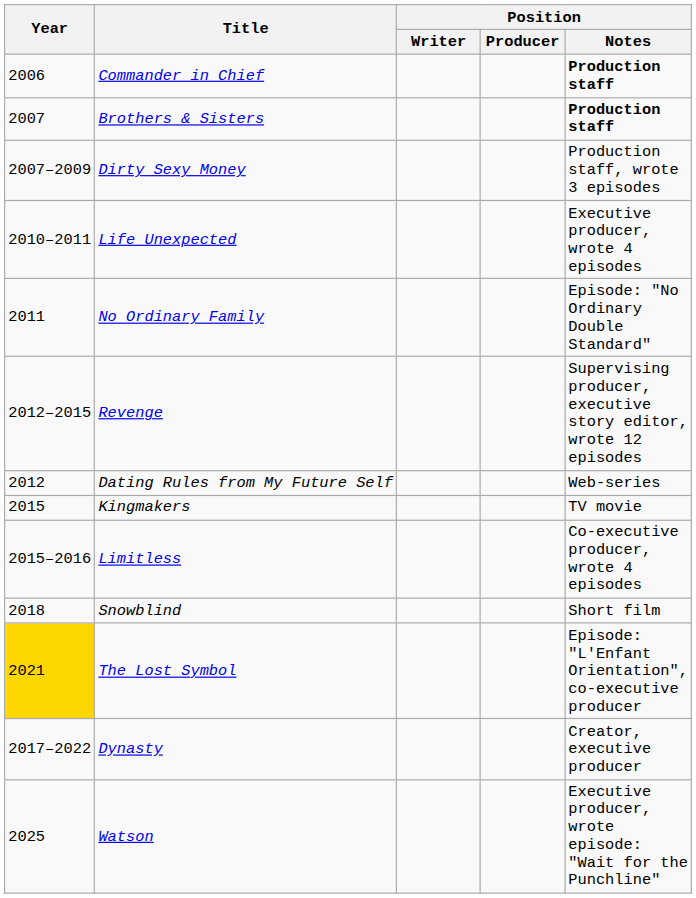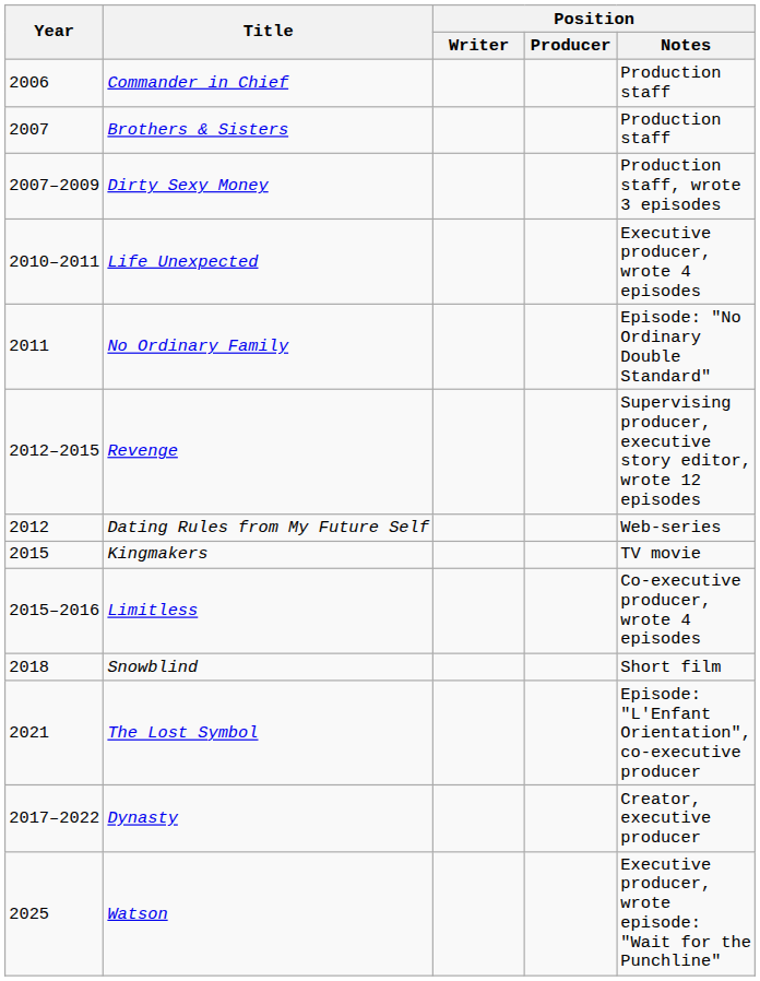 <table class="wikitable">
 <tr>
 <th rowspan="2">Year</th>
 <th rowspan="2">Title</th>
 <th colspan="4">Position</th>
 </tr>
 <tr>
 <th style="width:65px;">Writer</th>
 <th style="width:65px;">Producer</th>
 <th style="width:65px;">Notes</th>
 </tr>
 <tr>
 <td>2006</td>
 <td><em><a href='#'>Commander in Chief</a></em></td>
 <td></td>
 <td></td>
-<td><strong>Production staff</strong></td>
+<td>Production staff</td>
 </tr>
 <tr>
 <td>2007</td>
 <td><em><a href='#'>Brothers & Sisters</a></em></td>
 <td></td>
 <td></td>
-<td><strong>Production staff</strong></td>
+<td>Production staff</td>
 </tr>
 <tr>
 <td>2007–2009</td>
 <td><em><a href='#'>Dirty Sexy Money</a></em></td>
 <td></td>
 <td></td>
 <td>Production staff, wrote 3 episodes</td>
 </tr>
 <tr>
 <td>2010–2011</td>
 <td><em><a href='#'>Life Unexpected</a></em></td>
 <td></td>
 <td></td>
 <td>Executive producer, wrote 4 episodes</td>
 </tr>
 <tr>
 <td>2011</td>
 <td><em><a href='#'>No Ordinary Family</a></em></td>
 <td></td>
 <td></td>
 <td>Episode: "No Ordinary Double Standard"</td>
 </tr>
 <tr>
 <td>2012–2015</td>
 <td><em><a href='#'>Revenge</a></em></td>
 <td></td>
 <td></td>
 <td>Supervising producer, executive story editor, wrote 12 episodes</td>
 </tr>
 <tr>
 <td>2012</td>
 <td><em>Dating Rules from My Future Self</em></td>
 <td></td>
 <td></td>
 <td>Web-series</td>
 </tr>
 <tr>
 <td>2015</td>
 <td><em>Kingmakers</em></td>
 <td></td>
 <td></td>
 <td>TV movie</td>
 </tr>
 <tr>
 <td>2015–2016</td>
 <td><em><a href='#'>Limitless</a></em></td>
 <td></td>
 <td></td>
 <td>Co-executive producer, wrote 4 episodes</td>
 </tr>
 <tr>
 <td>2018</td>
 <td><em>Snowblind</em></td>
 <td></td>
 <td></td>
 <td>Short film</td>
 </tr>
 <tr>
-<td style="background: gold;">2021</td>
+<td>2021</td>
 <td><em><a href='#'>The Lost Symbol</a></em></td>
 <td></td>
 <td></td>
 <td>Episode: "L'Enfant Orientation", co-executive producer</td>
 </tr>
 <tr>
 <td>2017–2022</td>
 <td><em><a href='#'>Dynasty</a></em></td>
 <td></td>
 <td></td>
 <td>Creator, executive producer</td>
 </tr>
 <tr>
 <td>2025</td>
 <td><em><a href='#'>Watson</a></em></td>
 <td></td>
 <td></td>
 <td>Executive producer, wrote episode: "Wait for the Punchline"</td>
 </tr>
 </table>
